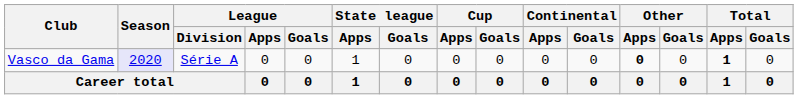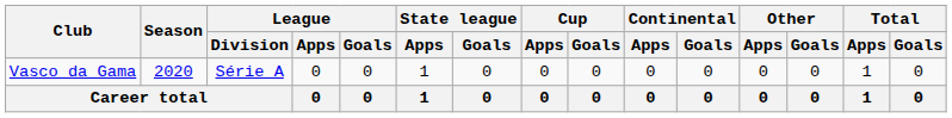 <table class="wikitable" style="text-align: center">
 <tr>
 <th rowspan="2">Club</th>
 <th rowspan="2">Season</th>
 <th colspan="3">League</th>
 <th colspan="2">State league</th>
 <th colspan="2">Cup</th>
 <th colspan="2">Continental</th>
 <th colspan="2">Other</th>
 <th colspan="2">Total</th>
 </tr>
 <tr>
 <th>Division</th>
 <th>Apps</th>
 <th>Goals</th>
 <th>Apps</th>
 <th>Goals</th>
 <th>Apps</th>
 <th>Goals</th>
 <th>Apps</th>
 <th>Goals</th>
 <th>Apps</th>
 <th>Goals</th>
 <th>Apps</th>
 <th>Goals</th>
 </tr>
 <tr>
 <td><a href='#'>Vasco da Gama</a></td>
-<td style="background: lavender;"><a href='#'>2020</a></td>
+<td><a href='#'>2020</a></td>
 <td><a href='#'>Série A</a></td>
 <td>0</td>
 <td>0</td>
 <td>1</td>
 <td>0</td>
 <td>0</td>
 <td>0</td>
 <td>0</td>
 <td>0</td>
-<td><strong>0</strong></td>
 <td>0</td>
-<td><strong>1</strong></td>
+<td>0</td>
+<td>1</td>
 <td>0</td>
 </tr>
 <tr>
 <th colspan="3"><strong>Career total</strong></th>
 <th>0</th>
 <th>0</th>
 <th>1</th>
 <th>0</th>
 <th>0</th>
 <th>0</th>
 <th>0</th>
 <th>0</th>
 <th>0</th>
 <th>0</th>
 <th>1</th>
 <th>0</th>
 </tr>
 </table>
